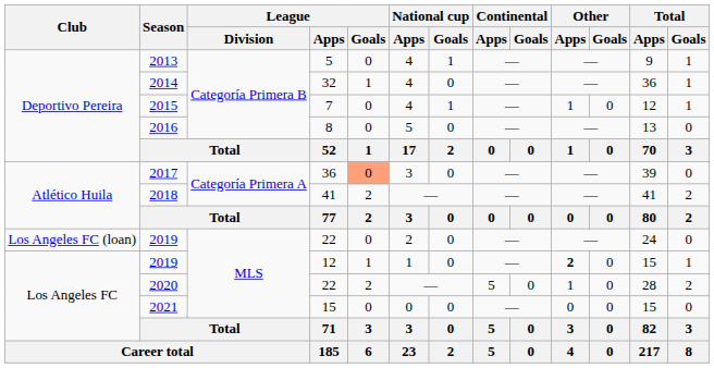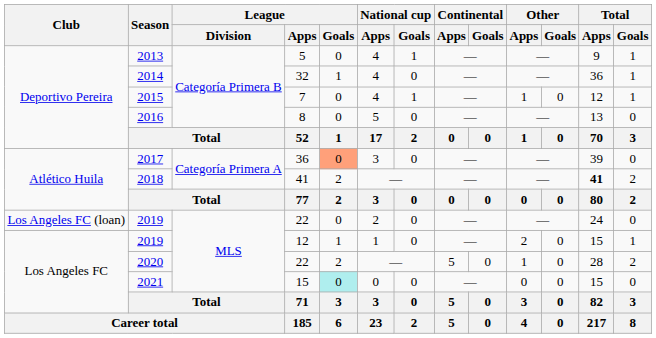 <table class="wikitable" style="text-align:center">
 <tr>
 <th rowspan="2">Club</th>
 <th rowspan="2">Season</th>
 <th colspan="3">League</th>
 <th colspan="2">National cup</th>
 <th colspan="2">Continental</th>
 <th colspan="2">Other</th>
 <th colspan="2">Total</th>
 </tr>
 <tr>
 <th>Division</th>
 <th>Apps</th>
 <th>Goals</th>
 <th>Apps</th>
 <th>Goals</th>
 <th>Apps</th>
 <th>Goals</th>
 <th>Apps</th>
 <th>Goals</th>
 <th>Apps</th>
 <th>Goals</th>
 </tr>
 <tr>
 <td rowspan="5"><a href='#'>Deportivo Pereira</a></td>
 <td><a href='#'>2013</a></td>
 <td rowspan="4"><a href='#'>Categoría Primera B</a></td>
 <td>5</td>
 <td>0</td>
 <td>4</td>
 <td>1</td>
 <td colspan="2">—</td>
 <td colspan="2">—</td>
 <td>9</td>
 <td>1</td>
 </tr>
 <tr>
 <td><a href='#'>2014</a></td>
 <td>32</td>
 <td>1</td>
 <td>4</td>
 <td>0</td>
 <td colspan="2">—</td>
 <td colspan="2">—</td>
 <td>36</td>
 <td>1</td>
 </tr>
 <tr>
 <td><a href='#'>2015</a></td>
 <td>7</td>
 <td>0</td>
 <td>4</td>
 <td>1</td>
 <td colspan="2">—</td>
 <td>1</td>
 <td>0</td>
 <td>12</td>
 <td>1</td>
 </tr>
 <tr>
 <td><a href='#'>2016</a></td>
 <td>8</td>
 <td>0</td>
 <td>5</td>
 <td>0</td>
 <td colspan="2">—</td>
 <td colspan="2">—</td>
 <td>13</td>
 <td>0</td>
 </tr>
 <tr>
 <th colspan="2">Total</th>
 <th>52</th>
 <th>1</th>
 <th>17</th>
 <th>2</th>
 <th>0</th>
 <th>0</th>
 <th>1</th>
 <th>0</th>
 <th>70</th>
 <th>3</th>
 </tr>
 <tr>
 <td rowspan="3"><a href='#'>Atlético Huila</a></td>
 <td><a href='#'>2017</a></td>
 <td rowspan="2"><a href='#'>Categoría Primera A</a></td>
 <td>36</td>
 <td style="background: lightsalmon;">0</td>
 <td>3</td>
 <td>0</td>
 <td colspan="2">—</td>
 <td colspan="2">—</td>
 <td>39</td>
 <td>0</td>
 </tr>
 <tr>
 <td><a href='#'>2018</a></td>
 <td>41</td>
 <td>2</td>
 <td colspan="2">—</td>
 <td colspan="2">—</td>
 <td colspan="2">—</td>
-<td>41</td>
+<td><strong>41</strong></td>
 <td>2</td>
 </tr>
 <tr>
 <th colspan="2">Total</th>
 <th>77</th>
 <th>2</th>
 <th>3</th>
 <th>0</th>
 <th>0</th>
 <th>0</th>
 <th>0</th>
 <th>0</th>
 <th>80</th>
 <th>2</th>
 </tr>
 <tr>
 <td><a href='#'>Los Angeles FC</a> (loan)</td>
 <td><a href='#'>2019</a></td>
 <td rowspan="4"><a href='#'>MLS</a></td>
 <td>22</td>
 <td>0</td>
 <td>2</td>
 <td>0</td>
 <td colspan="2">—</td>
 <td colspan="2">—</td>
 <td>24</td>
 <td>0</td>
 </tr>
 <tr>
 <td rowspan="4">Los Angeles FC</td>
 <td><a href='#'>2019</a></td>
 <td>12</td>
 <td>1</td>
 <td>1</td>
 <td>0</td>
 <td colspan="2">—</td>
-<td><strong>2</strong></td>
+<td>2</td>
 <td>0</td>
 <td>15</td>
 <td>1</td>
 </tr>
 <tr>
 <td><a href='#'>2020</a></td>
 <td>22</td>
 <td>2</td>
 <td colspan="2">—</td>
 <td>5</td>
 <td>0</td>
 <td>1</td>
 <td>0</td>
 <td>28</td>
 <td>2</td>
 </tr>
 <tr>
 <td><a href='#'>2021</a></td>
 <td>15</td>
-<td>0</td>
+<td style="background: paleturquoise;">0</td>
 <td>0</td>
 <td>0</td>
 <td colspan="2">—</td>
 <td>0</td>
 <td>0</td>
 <td>15</td>
 <td>0</td>
 </tr>
 <tr>
 <th colspan="2">Total</th>
 <th>71</th>
 <th>3</th>
 <th>3</th>
 <th>0</th>
 <th>5</th>
 <th>0</th>
 <th>3</th>
 <th>0</th>
 <th>82</th>
 <th>3</th>
 </tr>
 <tr>
 <th colspan="3">Career total</th>
 <th>185</th>
 <th>6</th>
 <th>23</th>
 <th>2</th>
 <th>5</th>
 <th>0</th>
 <th>4</th>
 <th>0</th>
 <th>217</th>
 <th>8</th>
 </tr>
 </table>
